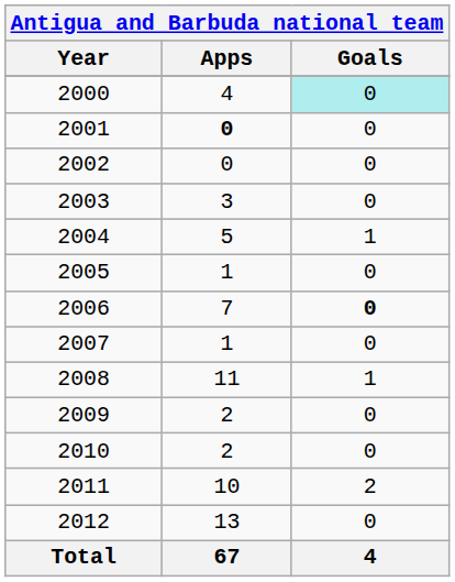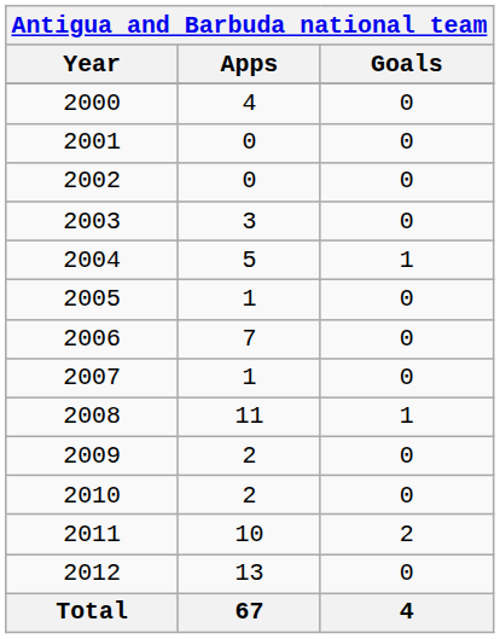 <table class="wikitable" style="text-align:center">
 <tr>
 <th colspan=3><a href='#'>Antigua and Barbuda national team</a></th>
 </tr>
 <tr>
 <th>Year</th>
 <th>Apps</th>
 <th>Goals</th>
 </tr>
 <tr>
 </tr>
 <tr>
 <td>2000</td>
 <td>4</td>
-<td style="background: paleturquoise;">0</td>
+<td>0</td>
 </tr>
 <tr>
 <td>2001</td>
-<td><strong>0</strong></td>
+<td>0</td>
 <td>0</td>
 </tr>
 <tr>
 <td>2002</td>
 <td>0</td>
 <td>0</td>
 </tr>
 <tr>
 <td>2003</td>
 <td>3</td>
 <td>0</td>
 </tr>
 <tr>
 <td>2004</td>
 <td>5</td>
 <td>1</td>
 </tr>
 <tr>
 <td>2005</td>
 <td>1</td>
 <td>0</td>
 </tr>
 <tr>
 <td>2006</td>
 <td>7</td>
-<td><strong>0</strong></td>
+<td>0</td>
 </tr>
 <tr>
 <td>2007</td>
 <td>1</td>
 <td>0</td>
 </tr>
 <tr>
 <td>2008</td>
 <td>11</td>
 <td>1</td>
 </tr>
 <tr>
 <td>2009</td>
 <td>2</td>
 <td>0</td>
 </tr>
 <tr>
 <td>2010</td>
 <td>2</td>
 <td>0</td>
 </tr>
 <tr>
 <td>2011</td>
 <td>10</td>
 <td>2</td>
 </tr>
 <tr>
 <td>2012</td>
 <td>13</td>
 <td>0</td>
 </tr>
 <tr>
 <th>Total</th>
 <th>67</th>
 <th>4</th>
 </tr>
 </table>
